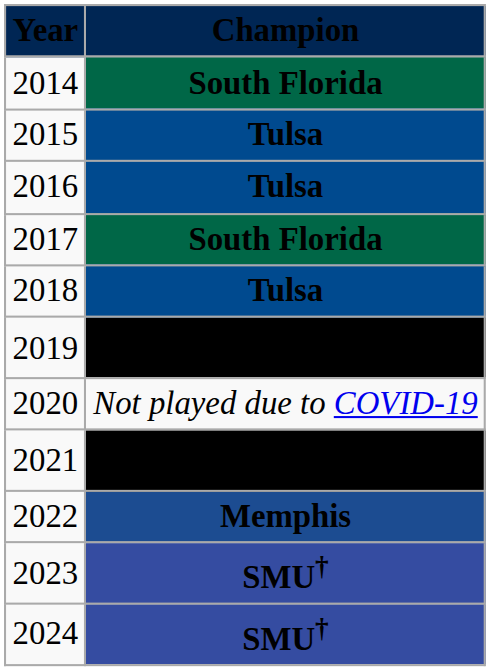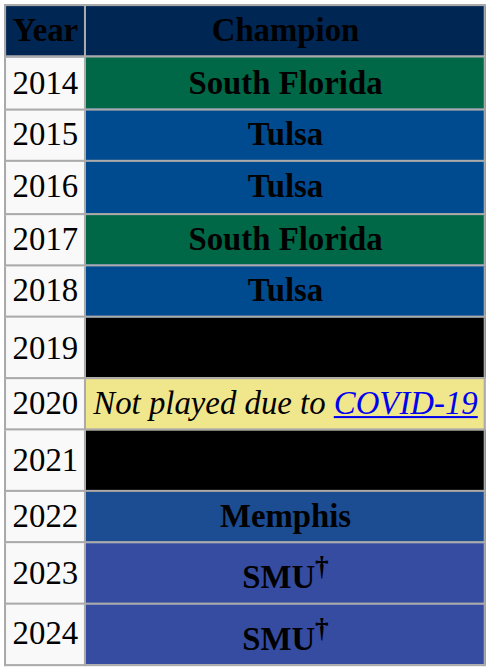 <table class="wikitable" style="text-align: center;">
 <tr>
 <th style="background:#002654;"><span>Year</span></th>
 <th style="background:#002654;"><span>Champion</span></th>
 </tr>
 <tr>
 <td>2014</td>
 <td style="background:#006747;"><span><strong>South Florida</strong></span></td>
 </tr>
 <tr>
 <td>2015</td>
 <td style="background:#004a8f;"><span><strong>Tulsa</strong></span></td>
 </tr>
 <tr>
 <td>2016</td>
 <td style="background:#004a8f;"><span><strong>Tulsa</strong></span></td>
 </tr>
 <tr>
 <td>2017</td>
 <td style="background:#006747;"><span><strong>South Florida</strong></span></td>
 </tr>
 <tr>
 <td>2018</td>
 <td style="background:#004a8f;"><span><strong>Tulsa</strong></span></td>
 </tr>
 <tr>
 <td>2019</td>
 <td style="background:#000000;"><span><strong>UCF<sup>†</sup></strong></span></td>
 </tr>
 <tr>
 <td>2020</td>
-<td><em>Not played due to <a href='#'>COVID-19</a></em></td>
+<td style="background: khaki;"><em>Not played due to <a href='#'>COVID-19</a></em></td>
 </tr>
 <tr>
 <td>2021</td>
 <td style="background:#000000;"><span><strong>UCF<sup>†</sup></strong></span></td>
 </tr>
 <tr>
 <td>2022</td>
 <td style="background:#1c4c91;"><span><strong>Memphis</strong></span></td>
 </tr>
 <tr>
 <td>2023</td>
 <td style="background:#354ca1;"><span><strong>SMU<sup>†</sup></strong></span></td>
 </tr>
 <tr>
 <td>2024</td>
 <td style="background:#354ca1;"><span><strong>SMU<sup>†</sup></strong></span></td>
 </tr>
 </table>
